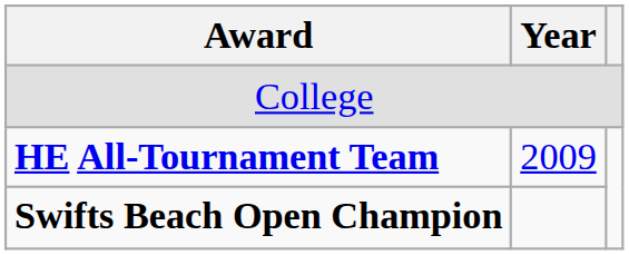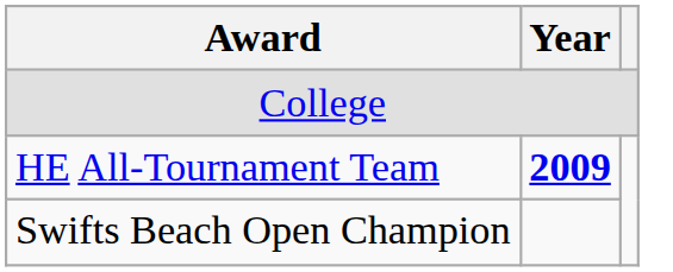 <table class="wikitable">
 <tr>
 <th>Award</th>
 <th>Year</th>
 <th></th>
 </tr>
 <tr ALIGN="center" bgcolor="#e0e0e0">
 <td colspan="3"><a href='#'>College</a></td>
 </tr>
 <tr>
-<td><strong><a href='#'>HE</a> <a href='#'>All-Tournament Team</a></strong></td>
-<td><a href='#'>2009</a></td>
+<td><a href='#'>HE</a> <a href='#'>All-Tournament Team</a></td>
+<td><strong><a href='#'>2009</a></strong></td>
 </tr>
 <tr>
-<td><strong>Swifts Beach Open Champion</strong></td>
+<td>Swifts Beach Open Champion</td>
 <td></td>
 </tr>
 </table>
